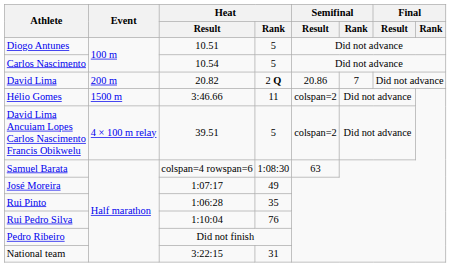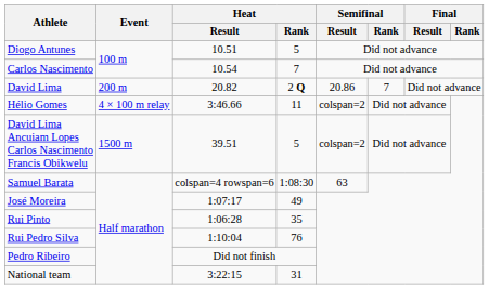 <table class=wikitable style="font-size:90%">
 <tr>
 <th rowspan=2>Athlete</th>
 <th rowspan=2>Event</th>
 <th colspan=2>Heat</th>
 <th colspan=2>Semifinal</th>
 <th colspan=2>Final</th>
 </tr>
 <tr style="font-size:95%">
 <th>Result</th>
 <th>Rank</th>
 <th>Result</th>
 <th>Rank</th>
 <th>Result</th>
 <th>Rank</th>
 </tr>
 <tr align=center>
 <td align=left><a href='#'>Diogo Antunes</a></td>
 <td align=left rowspan=2><a href='#'>100 m</a></td>
 <td>10.51</td>
 <td>5</td>
 <td colspan=4>Did not advance</td>
 </tr>
 <tr align=center>
 <td align=left><a href='#'>Carlos Nascimento</a></td>
 <td>10.54</td>
-<td>5</td>
+<td>7</td>
 <td colspan=4>Did not advance</td>
 </tr>
 <tr align=center>
 <td align=left><a href='#'>David Lima</a></td>
 <td align=left><a href='#'>200 m</a></td>
 <td>20.82</td>
 <td>2 <strong>Q</strong></td>
 <td>20.86</td>
 <td>7</td>
 <td colspan=2>Did not advance</td>
 </tr>
 <tr align=center>
 <td align=left><a href='#'>Hélio Gomes</a></td>
-<td align=left><a href='#'>1500 m</a></td>
+<td align=left><a href='#'>4 × 100 m relay</a></td>
 <td>3:46.66</td>
 <td>11</td>
 <td>colspan=2 </td>
 <td colspan=2>Did not advance</td>
 </tr>
 <tr align=center>
 <td align=left><a href='#'>David Lima</a><br><a href='#'>Ancuiam Lopes</a><br><a href='#'>Carlos Nascimento</a><br><a href='#'>Francis Obikwelu</a></td>
-<td align=left><a href='#'>4 × 100 m relay</a></td>
+<td align=left><a href='#'>1500 m</a></td>
 <td>39.51</td>
 <td>5</td>
 <td>colspan=2 </td>
 <td colspan=2>Did not advance</td>
 </tr>
 <tr align=center>
 <td align=left><a href='#'>Samuel Barata</a></td>
 <td align=left rowspan=6><a href='#'>Half marathon</a></td>
 <td>colspan=4 rowspan=6</td>
 <td>1:08:30</td>
 <td>63</td>
 </tr>
 <tr align=center>
 <td align=left><a href='#'>José Moreira</a></td>
 <td>1:07:17</td>
 <td>49</td>
 </tr>
 <tr align=center>
 <td align=left><a href='#'>Rui Pinto</a></td>
 <td>1:06:28</td>
 <td>35</td>
 </tr>
 <tr align=center>
 <td align=left><a href='#'>Rui Pedro Silva</a></td>
 <td>1:10:04</td>
 <td>76</td>
 </tr>
 <tr align=center>
 <td align=left><a href='#'>Pedro Ribeiro</a></td>
 <td colspan=2>Did not finish</td>
 </tr>
 <tr align=center>
 <td align=left>National team</td>
 <td>3:22:15</td>
 <td>31</td>
 </tr>
 </table>
